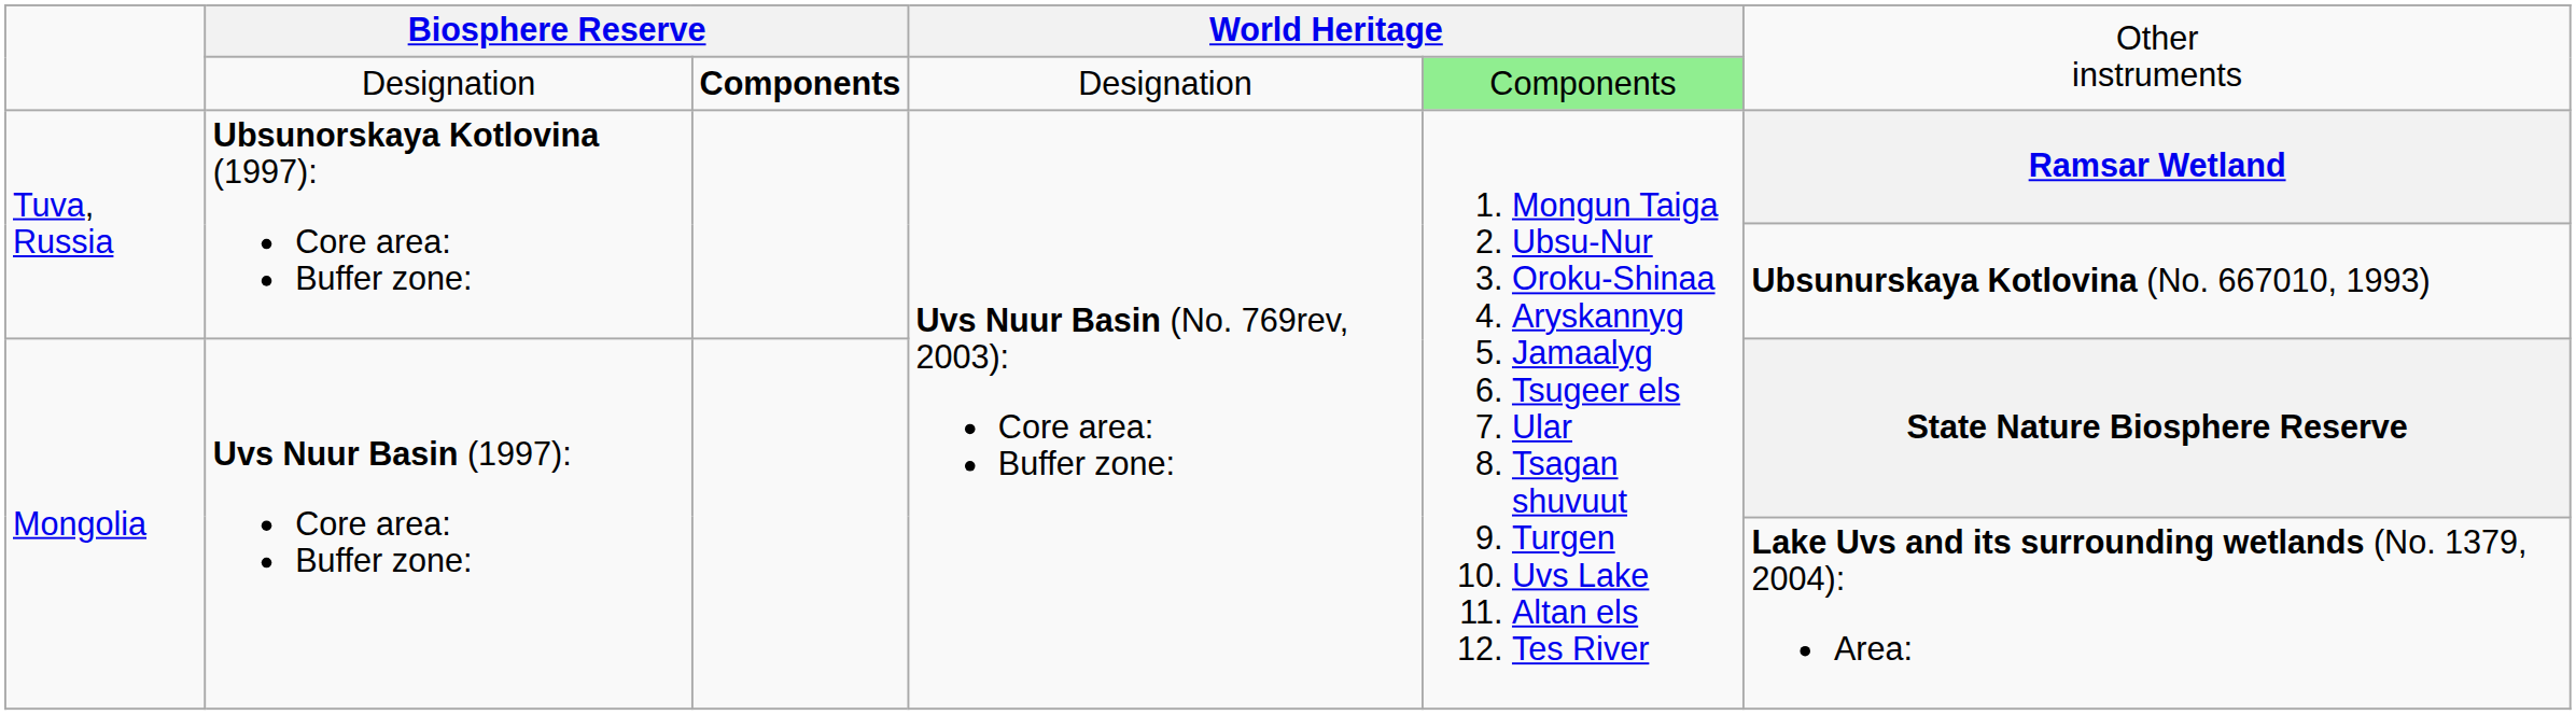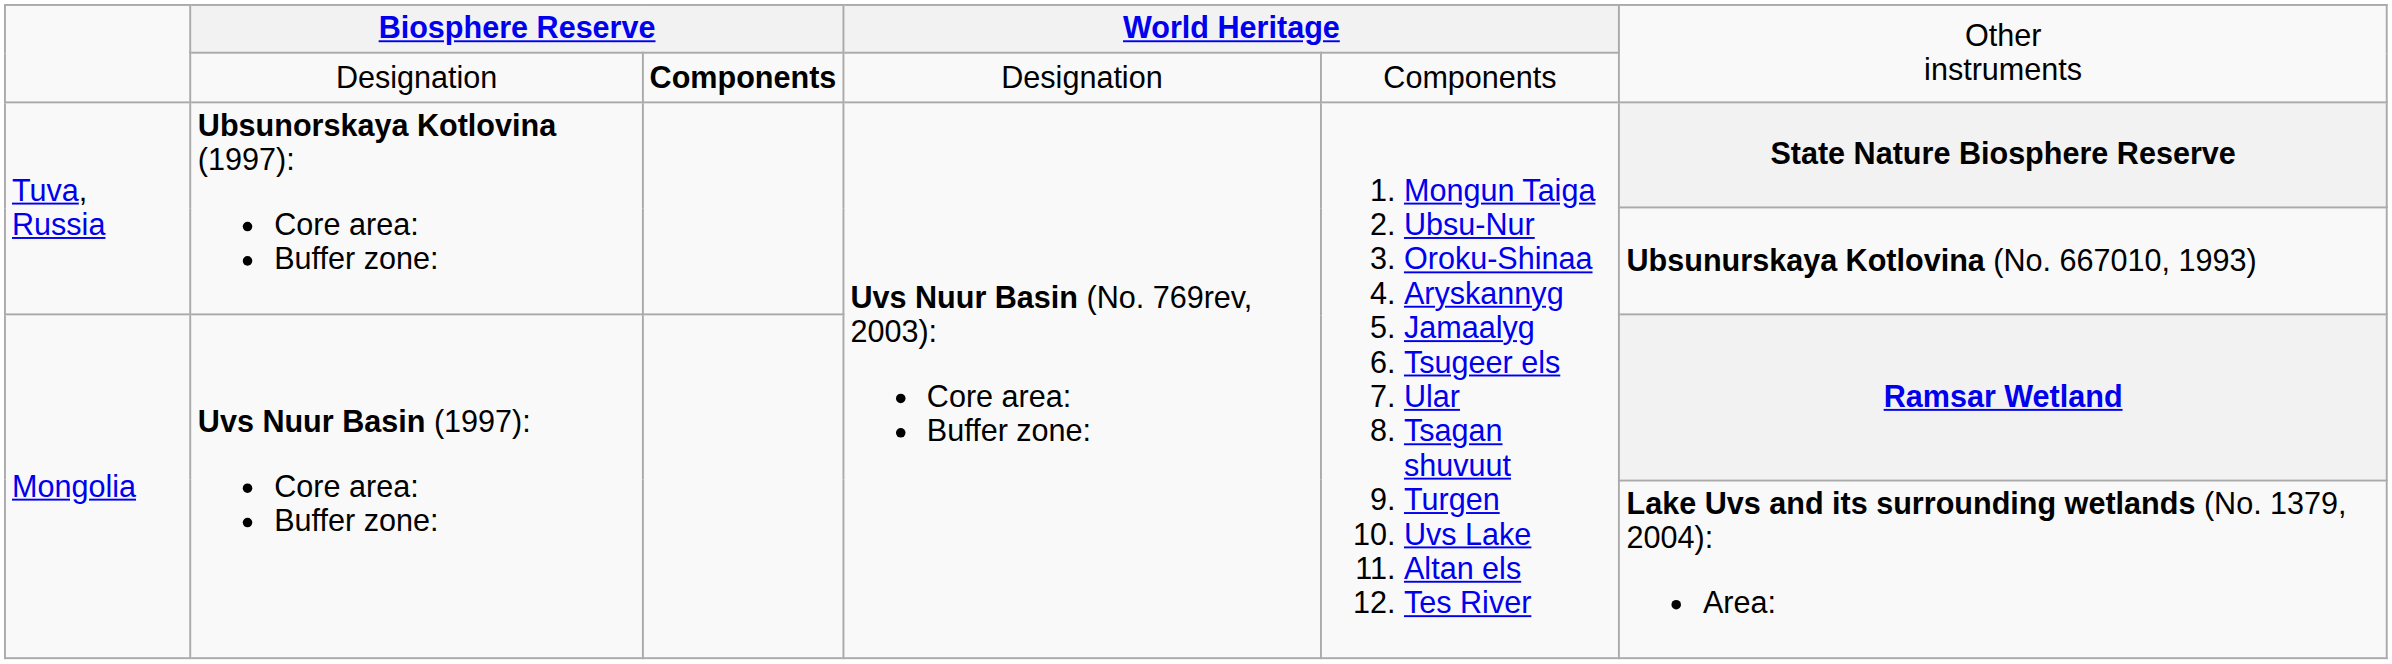 <table class="wikitable">
 <tr>
 <td rowspan="2"></td>
 <th colspan="2"><a href='#'>Biosphere Reserve</a></th>
 <th colspan="2"><a href='#'>World Heritage</a></th>
 <td rowspan="2" style="text-align: center;">Other<br>instruments</td>
 </tr>
 <tr style="text-align: center;">
 <td>Designation</td>
 <td><strong>Components</strong></td>
 <td>Designation</td>
-<td style="background: lightgreen;">Components</td>
+<td>Components</td>
 </tr>
 <tr>
 <td rowspan="2"><a href='#'>Tuva</a>, <a href='#'>Russia</a></td>
 <td rowspan="2"><strong>Ubsunorskaya Kotlovina</strong> (1997):<br><ul><li>Core area: </li><li>Buffer zone: </li></ul></td>
 <td rowspan="2"></td>
 <td rowspan="4"><strong>Uvs Nuur Basin</strong> (No. 769rev, 2003):<br><ul><li>Core area: </li><li>Buffer zone: </li></ul></td>
 <td rowspan="4"><br><ol><li><a href='#'>Mongun Taiga</a></li><li><a href='#'>Ubsu-Nur</a></li><li><a href='#'>Oroku-Shinaa</a></li><li><a href='#'>Aryskannyg</a></li><li><a href='#'>Jamaalyg</a></li><li><a href='#'>Tsugeer els</a></li><li><a href='#'>Ular</a></li><li><a href='#'>Tsagan shuvuut</a></li><li><a href='#'>Turgen</a></li><li><a href='#'>Uvs Lake</a></li><li><a href='#'>Altan els</a></li><li><a href='#'>Tes River</a></li></ol></td>
-<th><a href='#'>Ramsar Wetland</a></th>
+<th>State Nature Biosphere Reserve</th>
 </tr>
 <tr>
 <td><strong>Ubsunurskaya Kotlovina</strong> (No. 667010, 1993)</td>
 </tr>
 <tr>
 <td rowspan="2"><a href='#'>Mongolia</a></td>
 <td rowspan="2"><strong>Uvs Nuur Basin</strong> (1997):<br><ul><li>Core area: </li><li>Buffer zone: </li></ul></td>
 <td rowspan="2"></td>
-<th>State Nature Biosphere Reserve</th>
+<th><a href='#'>Ramsar Wetland</a></th>
 </tr>
 <tr>
 <td><strong>Lake Uvs and its surrounding wetlands</strong> (No. 1379, 2004):<br><ul><li>Area: </li></ul></td>
 </tr>
 </table>
